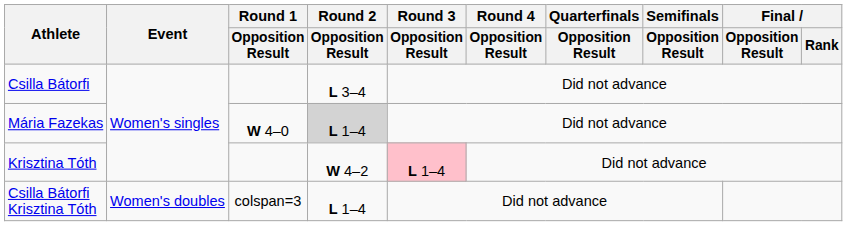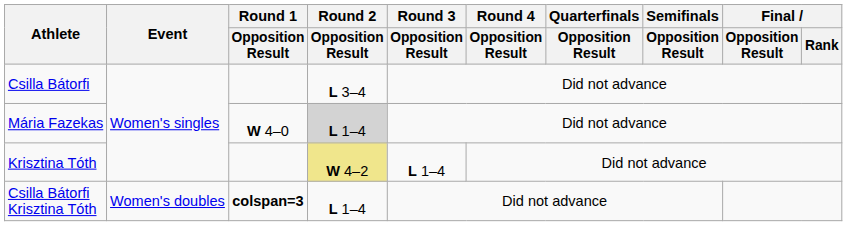 <table class="wikitable" style="font-size:90%">
 <tr>
 <th rowspan="2">Athlete</th>
 <th rowspan="2">Event</th>
 <th>Round 1</th>
 <th>Round 2</th>
 <th>Round 3</th>
 <th>Round 4</th>
 <th>Quarterfinals</th>
 <th>Semifinals</th>
 <th colspan=2>Final / </th>
 </tr>
 <tr style="font-size:95%">
 <th>Opposition<br>Result</th>
 <th>Opposition<br>Result</th>
 <th>Opposition<br>Result</th>
 <th>Opposition<br>Result</th>
 <th>Opposition<br>Result</th>
 <th>Opposition<br>Result</th>
 <th>Opposition<br>Result</th>
 <th>Rank</th>
 </tr>
 <tr align=center>
 <td align=left><a href='#'>Csilla Bátorfi</a></td>
 <td align=left rowspan=3><a href='#'>Women's singles</a></td>
 <td></td>
 <td><br><strong>L</strong> 3–4</td>
 <td colspan=6>Did not advance</td>
 </tr>
 <tr align=center>
 <td align=left><a href='#'>Mária Fazekas</a></td>
 <td><br><strong>W</strong> 4–0</td>
 <td style="background: lightgrey;"><br><strong>L</strong> 1–4</td>
 <td colspan=6>Did not advance</td>
 </tr>
 <tr align=center>
 <td align=left><a href='#'>Krisztina Tóth</a></td>
 <td></td>
-<td><br><strong>W</strong> 4–2</td>
-<td style="background: pink;"><br><strong>L</strong> 1–4</td>
+<td style="background: khaki;"><br><strong>W</strong> 4–2</td>
+<td><br><strong>L</strong> 1–4</td>
 <td colspan=5>Did not advance</td>
 </tr>
 <tr align=center>
 <td align=left><a href='#'>Csilla Bátorfi</a><br><a href='#'>Krisztina Tóth</a></td>
 <td align=left><a href='#'>Women's doubles</a></td>
-<td>colspan=3 </td>
+<td><strong>colspan=3 </strong></td>
 <td><br><strong>L</strong> 1–4</td>
 <td colspan=4>Did not advance</td>
 </tr>
 </table>
